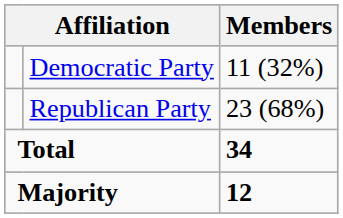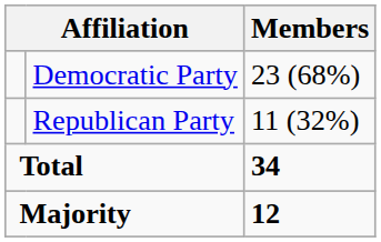 <table class="wikitable">
 <tr>
 <th colspan="2">Affiliation</th>
 <th>Members</th>
 </tr>
 <tr>
 <td style="background-color:"> </td>
 <td><a href='#'>Democratic Party</a></td>
-<td>11 (32%)</td>
+<td>23 (68%)</td>
 </tr>
 <tr>
 <td style="background-color:"> </td>
 <td><a href='#'>Republican Party</a></td>
-<td>23 (68%)</td>
+<td>11 (32%)</td>
 </tr>
 <tr>
 <td colspan="2" rowspan="1"> <strong>Total</strong><br></td>
 <td><strong>34</strong></td>
 </tr>
 <tr>
 <td colspan="2" rowspan="1"> <strong>Majority</strong><br></td>
 <td><strong>12</strong></td>
 </tr>
 </table>
